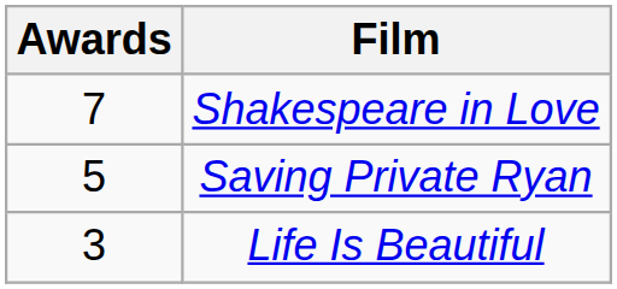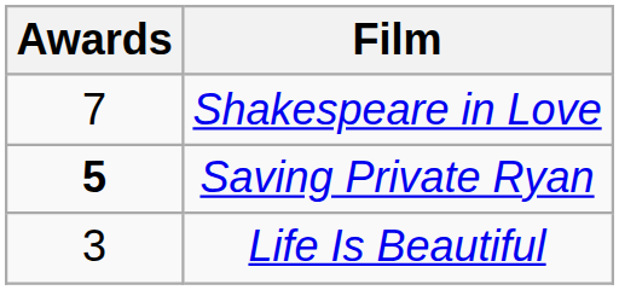 <table class="wikitable sortable" style="text-align: center;">
 <tr>
 <th scope="col" style="width:55px;">Awards</th>
 <th scope="col" style="text-align:center;">Film</th>
 </tr>
 <tr>
 <td style="text-align: center;">7</td>
 <td><em><a href='#'>Shakespeare in Love</a></em></td>
 </tr>
 <tr>
-<td style="text-align: center;">5</td>
+<td style="text-align: center;"><strong>5</strong></td>
 <td><em><a href='#'>Saving Private Ryan</a></em></td>
 </tr>
 <tr>
 <td style="text-align: center;">3</td>
 <td><em><a href='#'>Life Is Beautiful</a></em></td>
 </tr>
 </table>
